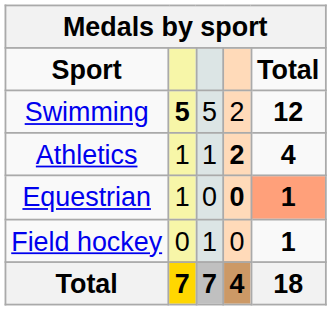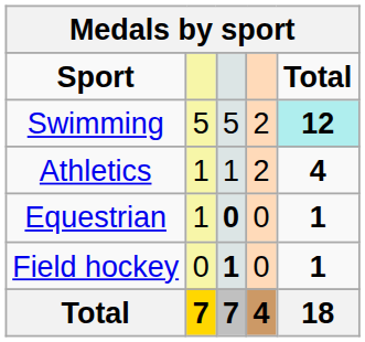 <table class=wikitable style="font-size:95%; float:right">
 <tr bgcolor=efefef>
 <th colspan=7><strong>Medals by sport</strong></th>
 </tr>
 <tr align=center>
 <td><strong>Sport</strong></td>
 <td bgcolor=f7f6a8></td>
 <td bgcolor=dce5e5></td>
 <td bgcolor=ffdab9></td>
 <td><strong>Total</strong></td>
 </tr>
 <tr align=center>
 <td><a href='#'>Swimming</a></td>
-<td style="background:#F7F6A8;"><strong>5</strong></td>
+<td style="background:#F7F6A8;">5</td>
 <td style="background:#DCE5E5;">5</td>
 <td style="background:#FFDAB9;">2</td>
-<td><strong>12</strong></td>
+<td style="background: paleturquoise;"><strong>12</strong></td>
 </tr>
 <tr align=center>
 <td><a href='#'>Athletics</a></td>
 <td style="background:#F7F6A8;">1</td>
 <td style="background:#DCE5E5;">1</td>
-<td style="background:#FFDAB9;"><strong>2</strong></td>
+<td style="background:#FFDAB9;">2</td>
 <td><strong>4</strong></td>
 </tr>
 <tr align=center>
 <td><a href='#'>Equestrian</a></td>
 <td style="background:#F7F6A8;">1</td>
-<td style="background:#DCE5E5;">0</td>
-<td style="background:#FFDAB9;"><strong>0</strong></td>
-<td style="background: lightsalmon;"><strong>1</strong></td>
+<td style="background:#DCE5E5;"><strong>0</strong></td>
+<td style="background:#FFDAB9;">0</td>
+<td><strong>1</strong></td>
 </tr>
 <tr align=center>
 <td><a href='#'>Field hockey</a></td>
 <td style="background:#F7F6A8;">0</td>
-<td style="background:#DCE5E5;">1</td>
+<td style="background:#DCE5E5;"><strong>1</strong></td>
 <td style="background:#FFDAB9;">0</td>
 <td><strong>1</strong></td>
 </tr>
 <tr align=center>
 <th>Total</th>
 <th style="background:gold">7</th>
 <th style="background:silver">7</th>
 <th style="background:#c96">4</th>
 <th>18</th>
 </tr>
 </table>
